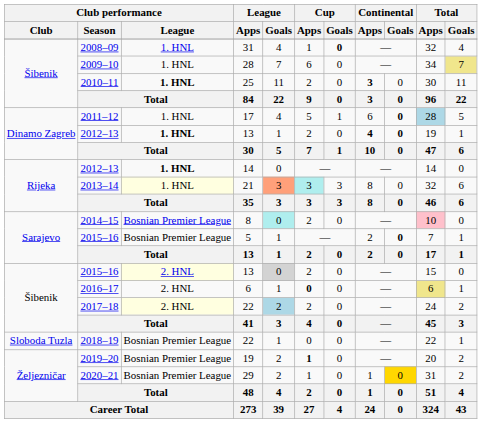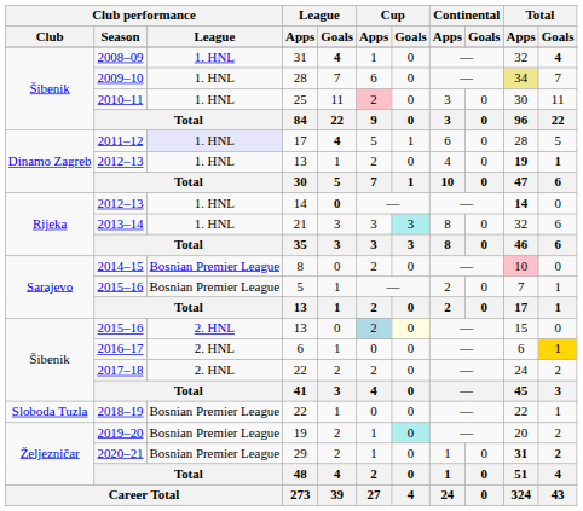 <table class="wikitable" style="text-align:center">
 <tr>
 <th colspan=3>Club performance</th>
 <th colspan=2>League</th>
 <th colspan=2>Cup</th>
 <th colspan=2>Continental</th>
 <th colspan=2>Total</th>
 </tr>
 <tr>
 <th>Club</th>
 <th>Season</th>
 <th>League</th>
 <th>Apps</th>
 <th>Goals</th>
 <th>Apps</th>
 <th>Goals</th>
 <th>Apps</th>
 <th>Goals</th>
 <th>Apps</th>
 <th>Goals</th>
 </tr>
 <tr>
 </tr>
 <tr>
 <td rowspan=4><a href='#'>Šibenik</a></td>
 <td><a href='#'>2008–09</a></td>
 <td><a href='#'>1. HNL</a></td>
 <td>31</td>
-<td>4</td>
+<td><strong>4</strong></td>
 <td>1</td>
-<td><strong>0</strong></td>
+<td>0</td>
 <td colspan=2>—</td>
 <td>32</td>
-<td>4</td>
+<td><strong>4</strong></td>
 </tr>
 <tr>
 <td><a href='#'>2009–10</a></td>
 <td>1. HNL</td>
 <td>28</td>
 <td>7</td>
 <td>6</td>
 <td>0</td>
 <td colspan=2>—</td>
-<td>34</td>
-<td style="background: khaki;">7</td>
+<td style="background: khaki;">34</td>
+<td>7</td>
 </tr>
 <tr>
 <td><a href='#'>2010–11</a></td>
-<td><strong>1. HNL</strong></td>
+<td>1. HNL</td>
 <td>25</td>
 <td>11</td>
-<td>2</td>
+<td style="background: pink;">2</td>
 <td>0</td>
-<td><strong>3</strong></td>
+<td>3</td>
 <td>0</td>
 <td>30</td>
 <td>11</td>
 </tr>
 <tr>
 <th colspan=2>Total</th>
 <th>84</th>
 <th>22</th>
 <th>9</th>
 <th>0</th>
 <th>3</th>
 <th>0</th>
 <th>96</th>
 <th>22</th>
 </tr>
 <tr>
 <td rowspan=3><a href='#'>Dinamo Zagreb</a></td>
 <td><a href='#'>2011–12</a></td>
-<td>1. HNL</td>
+<td style="background: lavender;">1. HNL</td>
 <td>17</td>
-<td>4</td>
+<td><strong>4</strong></td>
 <td>5</td>
 <td>1</td>
 <td>6</td>
-<td><strong>0</strong></td>
-<td style="background: lightblue;">28</td>
+<td>0</td>
+<td>28</td>
 <td>5</td>
 </tr>
 <tr>
 <td><a href='#'>2012–13</a></td>
-<td><strong>1. HNL</strong></td>
+<td>1. HNL</td>
 <td>13</td>
 <td>1</td>
 <td>2</td>
 <td>0</td>
-<td><strong>4</strong></td>
-<td><strong>0</strong></td>
-<td>19</td>
-<td>1</td>
+<td>4</td>
+<td>0</td>
+<td><strong>19</strong></td>
+<td><strong>1</strong></td>
 </tr>
 <tr>
 <th colspan=2>Total</th>
 <th>30</th>
 <th>5</th>
 <th>7</th>
 <th>1</th>
 <th>10</th>
 <th>0</th>
 <th>47</th>
 <th>6</th>
 </tr>
 <tr>
 <td rowspan=3><a href='#'>Rijeka</a></td>
 <td><a href='#'>2012–13</a></td>
-<td><strong>1. HNL</strong></td>
+<td>1. HNL</td>
 <td>14</td>
-<td>0</td>
+<td><strong>0</strong></td>
 <td colspan=2>—</td>
 <td colspan=2>—</td>
-<td>14</td>
+<td><strong>14</strong></td>
 <td>0</td>
 </tr>
 <tr>
 <td><a href='#'>2013–14</a></td>
-<td style="background: lightyellow;">1. HNL</td>
+<td>1. HNL</td>
 <td>21</td>
-<td style="background: lightsalmon;">3</td>
+<td>3</td>
+<td>3</td>
 <td style="background: paleturquoise;">3</td>
-<td>3</td>
 <td>8</td>
 <td>0</td>
 <td>32</td>
 <td>6</td>
 </tr>
 <tr>
 <th colspan=2>Total</th>
 <th>35</th>
 <th>3</th>
 <th>3</th>
 <th>3</th>
 <th>8</th>
 <th>0</th>
 <th>46</th>
 <th>6</th>
 </tr>
 <tr>
 <td rowspan=3><a href='#'>Sarajevo</a></td>
 <td><a href='#'>2014–15</a></td>
 <td><a href='#'>Bosnian Premier League</a></td>
 <td>8</td>
-<td style="background: paleturquoise;">0</td>
+<td>0</td>
 <td>2</td>
 <td>0</td>
 <td colspan=2>—</td>
 <td style="background: pink;">10</td>
 <td>0</td>
 </tr>
 <tr>
 <td><a href='#'>2015–16</a></td>
 <td>Bosnian Premier League</td>
 <td>5</td>
 <td>1</td>
 <td colspan=2>—</td>
 <td>2</td>
-<td><strong>0</strong></td>
+<td>0</td>
 <td>7</td>
 <td>1</td>
 </tr>
 <tr>
 <th colspan=2>Total</th>
 <th>13</th>
 <th>1</th>
 <th>2</th>
 <th>0</th>
 <th>2</th>
 <th>0</th>
 <th>17</th>
 <th>1</th>
 </tr>
 <tr>
 <td rowspan=4>Šibenik</td>
 <td><a href='#'>2015–16</a></td>
-<td style="background: lightyellow;"><a href='#'>2. HNL</a></td>
+<td><a href='#'>2. HNL</a></td>
 <td>13</td>
-<td style="background: lightgrey;">0</td>
-<td>2</td>
 <td>0</td>
+<td style="background: lightblue;">2</td>
+<td style="background: lightyellow;">0</td>
 <td colspan=2>—</td>
 <td>15</td>
 <td>0</td>
 </tr>
 <tr>
 <td><a href='#'>2016–17</a></td>
 <td>2. HNL</td>
 <td>6</td>
 <td>1</td>
-<td><strong>0</strong></td>
+<td>0</td>
 <td>0</td>
 <td colspan=2>—</td>
-<td style="background: khaki;">6</td>
-<td>1</td>
+<td>6</td>
+<td style="background: gold;">1</td>
 </tr>
 <tr>
 <td><a href='#'>2017–18</a></td>
-<td style="background: lightyellow;">2. HNL</td>
+<td>2. HNL</td>
 <td>22</td>
-<td style="background: lightblue;">2</td>
+<td>2</td>
 <td>2</td>
 <td>0</td>
 <td colspan=2>—</td>
 <td>24</td>
 <td>2</td>
 </tr>
 <tr>
 <th colspan=2>Total</th>
 <th>41</th>
 <th>3</th>
 <th>4</th>
 <th>0</th>
 <th colspan=2>—</th>
 <th>45</th>
 <th>3</th>
 </tr>
 <tr>
 <td><a href='#'>Sloboda Tuzla</a></td>
 <td><a href='#'>2018–19</a></td>
 <td>Bosnian Premier League</td>
 <td>22</td>
 <td>1</td>
 <td>0</td>
 <td>0</td>
 <td colspan=2>—</td>
 <td>22</td>
 <td>1</td>
 </tr>
 <tr>
 <td rowspan=3><a href='#'>Željezničar</a></td>
 <td><a href='#'>2019–20</a></td>
 <td>Bosnian Premier League</td>
 <td>19</td>
 <td>2</td>
-<td><strong>1</strong></td>
-<td>0</td>
+<td>1</td>
+<td style="background: paleturquoise;">0</td>
 <td colspan=2>—</td>
 <td>20</td>
 <td>2</td>
 </tr>
 <tr>
 <td><a href='#'>2020–21</a></td>
 <td>Bosnian Premier League</td>
 <td>29</td>
 <td>2</td>
 <td>1</td>
 <td>0</td>
 <td>1</td>
-<td style="background: gold;">0</td>
-<td>31</td>
-<td>2</td>
+<td>0</td>
+<td><strong>31</strong></td>
+<td><strong>2</strong></td>
 </tr>
 <tr>
 <th colspan=2>Total</th>
 <th>48</th>
 <th>4</th>
 <th>2</th>
 <th>0</th>
 <th>1</th>
 <th>0</th>
 <th>51</th>
 <th>4</th>
 </tr>
 <tr>
 <th colspan=3>Career Total</th>
 <th>273</th>
 <th>39</th>
 <th>27</th>
 <th>4</th>
 <th>24</th>
 <th>0</th>
 <th>324</th>
 <th>43</th>
 </tr>
 </table>
